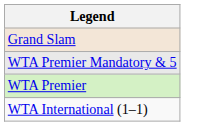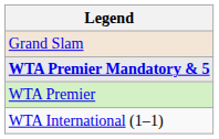 <table class="wikitable sortable" style=font-size:90%>
 <tr>
 <th>Legend</th>
 </tr>
 <tr>
 <td style="background:#f3e6d7;"><a href='#'>Grand Slam</a></td>
 </tr>
 <tr>
-<td style="background:#e9e9e9;"><a href='#'>WTA Premier Mandatory & 5</a></td>
+<td style="background:#e9e9e9;"><strong><a href='#'>WTA Premier Mandatory & 5</a></strong></td>
 </tr>
 <tr>
 <td style="background:#d4f1c5;"><a href='#'>WTA Premier</a></td>
 </tr>
 <tr>
 <td><a href='#'>WTA International</a> (1–1)</td>
 </tr>
 </table>
